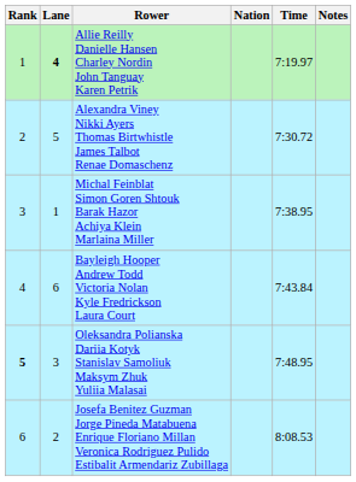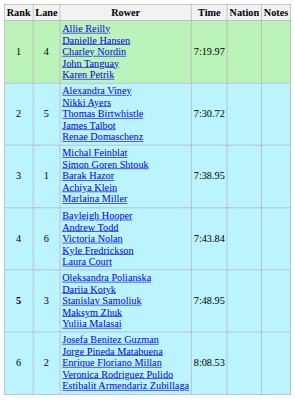 <table class="wikitable sortable" style="text-align:center">
 <tr>
 <th>Rank</th>
 <th>Lane</th>
 <th>Rower</th>
+<th>Time</th>
 <th>Nation</th>
-<th>Time</th>
 <th>Notes</th>
 </tr>
 <tr bgcolor=bbf3bb>
 <td>1</td>
-<td><strong>4</strong></td>
+<td>4</td>
 <td align="left"><a href='#'>Allie Reilly</a><br><a href='#'>Danielle Hansen</a><br><a href='#'>Charley Nordin</a><br><a href='#'>John Tanguay</a><br><a href='#'>Karen Petrik</a></td>
+<td>7:19.97</td>
 <td align="left"></td>
-<td>7:19.97</td>
 <td></td>
 </tr>
 <tr bgcolor=bbf3ff>
 <td>2</td>
 <td>5</td>
 <td align="left"><a href='#'>Alexandra Viney</a><br><a href='#'>Nikki Ayers</a><br><a href='#'>Thomas Birtwhistle</a><br><a href='#'>James Talbot</a><br><a href='#'>Renae Domaschenz</a></td>
+<td>7:30.72</td>
 <td align="left"></td>
-<td>7:30.72</td>
 <td></td>
 </tr>
 <tr bgcolor=bbf3ff>
 <td>3</td>
 <td>1</td>
 <td align="left"><a href='#'>Michal Feinblat</a><br><a href='#'>Simon Goren Shtouk</a><br><a href='#'>Barak Hazor</a><br><a href='#'>Achiya Klein</a><br><a href='#'>Marlaina Miller</a></td>
+<td>7:38.95</td>
 <td align="left"></td>
-<td>7:38.95</td>
 <td></td>
 </tr>
 <tr bgcolor=bbf3ff>
 <td>4</td>
 <td>6</td>
 <td align="left"><a href='#'>Bayleigh Hooper</a><br><a href='#'>Andrew Todd</a><br><a href='#'>Victoria Nolan</a><br><a href='#'>Kyle Fredrickson</a><br><a href='#'>Laura Court</a></td>
+<td>7:43.84</td>
 <td align="left"></td>
-<td>7:43.84</td>
 <td></td>
 </tr>
 <tr bgcolor=bbf3ff>
 <td><strong>5</strong></td>
 <td>3</td>
 <td align="left"><a href='#'>Oleksandra Polianska</a><br><a href='#'>Dariia Kotyk</a><br><a href='#'>Stanislav Samoliuk</a><br><a href='#'>Maksym Zhuk</a><br><a href='#'>Yuliia Malasai</a></td>
+<td>7:48.95</td>
 <td align="left"></td>
-<td>7:48.95</td>
 <td></td>
 </tr>
 <tr bgcolor=bbf3ff>
 <td>6</td>
 <td>2</td>
 <td align="left"><a href='#'>Josefa Benitez Guzman</a><br><a href='#'>Jorge Pineda Matabuena</a><br><a href='#'>Enrique Floriano Millan</a><br><a href='#'>Veronica Rodriguez Pulido</a><br><a href='#'>Estibalit Armendariz Zubillaga</a></td>
+<td>8:08.53</td>
 <td align="left"></td>
-<td>8:08.53</td>
 <td></td>
 </tr>
 </table>
